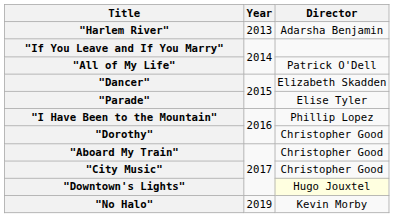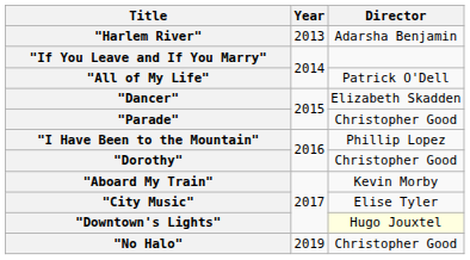 <table class="wikitable plainrowheaders" style="text-align:center;">
 <tr>
 <th scope="col" style="width:22em;">Title</th>
 <th scope="col">Year</th>
 <th scope="col">Director</th>
 </tr>
 <tr>
 <th scope="row">"Harlem River"</th>
 <td>2013</td>
 <td>Adarsha Benjamin</td>
 </tr>
 <tr>
 <th scope="row">"If You Leave and If You Marry"</th>
 <td rowspan="2">2014</td>
 <td></td>
 </tr>
 <tr>
 <th scope="row">"All of My Life"</th>
 <td>Patrick O'Dell</td>
 </tr>
 <tr>
 <th scope="row">"Dancer"</th>
 <td rowspan="2">2015</td>
 <td>Elizabeth Skadden</td>
 </tr>
 <tr>
 <th scope="row">"Parade"</th>
-<td>Elise Tyler</td>
+<td>Christopher Good</td>
 </tr>
 <tr>
 <th scope="row">"I Have Been to the Mountain"</th>
 <td rowspan="2">2016</td>
 <td>Phillip Lopez</td>
 </tr>
 <tr>
 <th scope="row">"Dorothy"</th>
 <td>Christopher Good</td>
 </tr>
 <tr>
 <th scope="row">"Aboard My Train"</th>
 <td rowspan="3">2017</td>
-<td>Christopher Good</td>
+<td>Kevin Morby</td>
 </tr>
 <tr>
 <th scope="row">"City Music"</th>
-<td>Christopher Good</td>
+<td>Elise Tyler</td>
 </tr>
 <tr>
 <th scope="row">"Downtown's Lights"</th>
 <td style="background: lightyellow;">Hugo Jouxtel</td>
 </tr>
 <tr>
 <th scope="row">"No Halo"</th>
 <td>2019</td>
-<td>Kevin Morby</td>
+<td>Christopher Good</td>
 </tr>
 </table>
